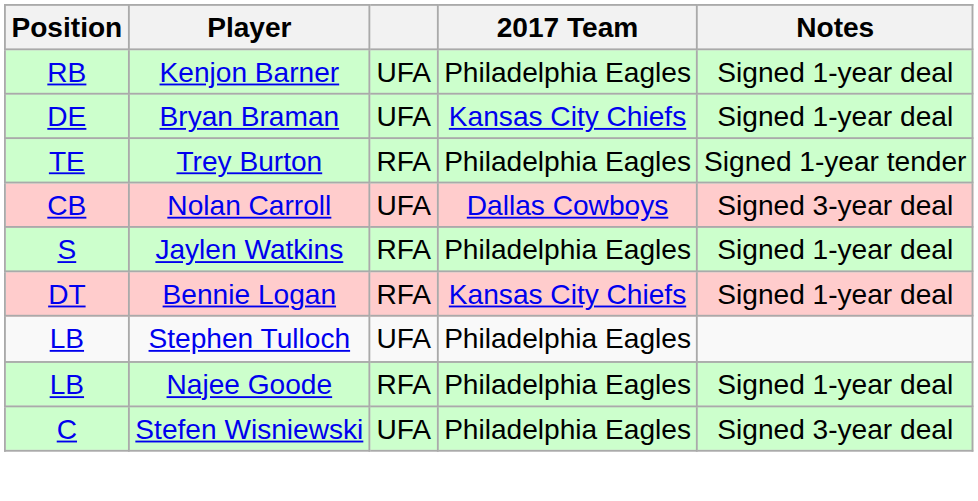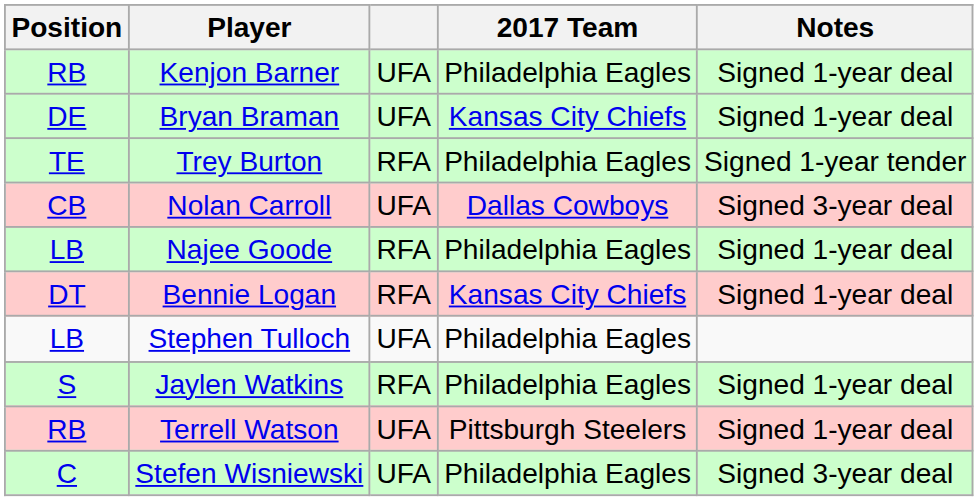 <table class="wikitable" style="font-size: 95%; text-align: center">
 <tr>
 <th>Position</th>
 <th>Player</th>
 <th></th>
 <th>2017 Team</th>
 <th>Notes</th>
 </tr>
 <tr style="background:#cfc">
 <td><a href='#'>RB</a></td>
 <td><a href='#'>Kenjon Barner</a></td>
 <td>UFA</td>
 <td>Philadelphia Eagles</td>
 <td>Signed 1-year deal</td>
 </tr>
 <tr style="background:#cfc">
 <td><a href='#'>DE</a></td>
 <td><a href='#'>Bryan Braman</a></td>
 <td>UFA</td>
 <td><a href='#'>Kansas City Chiefs</a></td>
 <td>Signed 1-year deal</td>
 </tr>
 <tr style="background:#cfc">
 <td><a href='#'>TE</a></td>
 <td><a href='#'>Trey Burton</a></td>
 <td>RFA</td>
 <td>Philadelphia Eagles</td>
 <td>Signed 1-year tender</td>
 </tr>
 <tr style="background:#fcc">
 <td><a href='#'>CB</a></td>
 <td><a href='#'>Nolan Carroll</a></td>
 <td>UFA</td>
 <td><a href='#'>Dallas Cowboys</a></td>
 <td>Signed 3-year deal</td>
 </tr>
 <tr style="background:#cfc">
-<td><a href='#'>S</a></td>
-<td><a href='#'>Jaylen Watkins</a></td>
+<td><a href='#'>LB</a></td>
+<td><a href='#'>Najee Goode</a></td>
 <td>RFA</td>
 <td>Philadelphia Eagles</td>
 <td>Signed 1-year deal</td>
 </tr>
 <tr style="background:#fcc">
 <td><a href='#'>DT</a></td>
 <td><a href='#'>Bennie Logan</a></td>
 <td>RFA</td>
 <td><a href='#'>Kansas City Chiefs</a></td>
 <td>Signed 1-year deal</td>
 </tr>
 <tr>
 <td><a href='#'>LB</a></td>
 <td><a href='#'>Stephen Tulloch</a></td>
 <td>UFA</td>
 <td>Philadelphia Eagles</td>
 <td></td>
 </tr>
 <tr style="background:#cfc">
-<td><a href='#'>LB</a></td>
-<td><a href='#'>Najee Goode</a></td>
+<td><a href='#'>S</a></td>
+<td><a href='#'>Jaylen Watkins</a></td>
 <td>RFA</td>
 <td>Philadelphia Eagles</td>
+<td>Signed 1-year deal</td>
+</tr>
+<tr style="background:#fcc">
+<td><a href='#'>RB</a></td>
+<td><a href='#'>Terrell Watson</a></td>
+<td>UFA</td>
+<td>Pittsburgh Steelers</td>
 <td>Signed 1-year deal</td>
 </tr>
 <tr style="background:#cfc">
 <td><a href='#'>C</a></td>
 <td><a href='#'>Stefen Wisniewski</a></td>
 <td>UFA</td>
 <td>Philadelphia Eagles</td>
 <td>Signed 3-year deal</td>
 </tr>
 </table>
